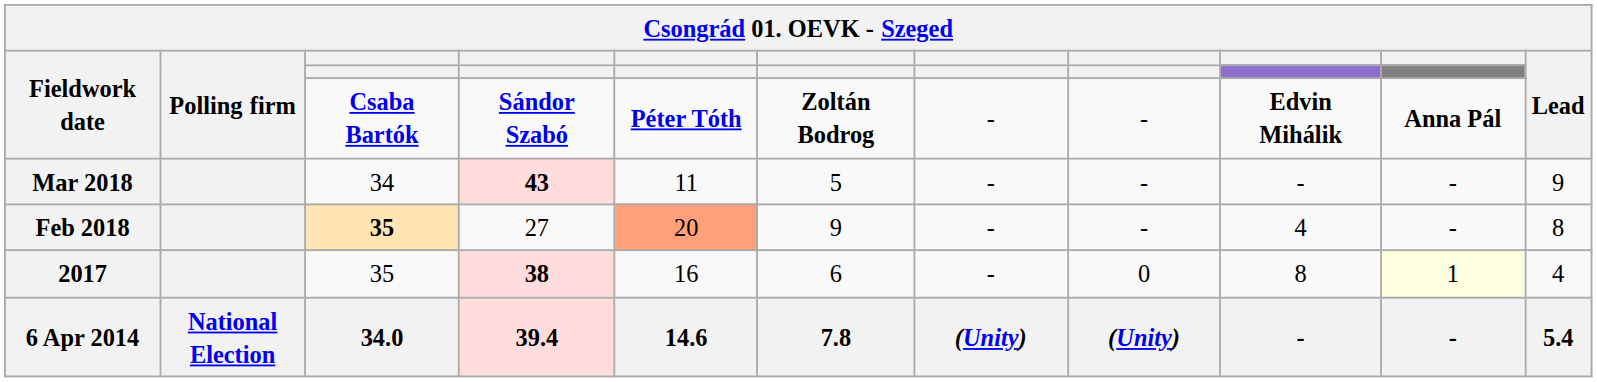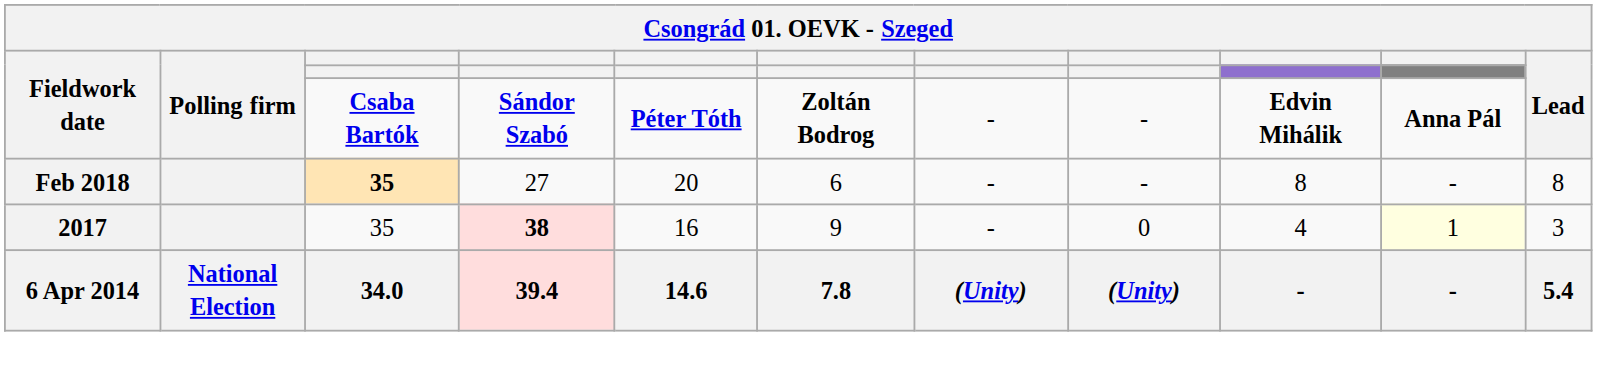 <table class="wikitable mw-collapsible mw-collapsed" style="text-align:center">
 <tr>
 <th colspan="11" style="width: 980pt;"><small><a href='#'>Csongrád</a>  01. OEVK -</small> <small><a href='#'>Szeged</a></small></th>
 </tr>
 <tr>
 <th rowspan="3" style="width: 80pt;"><small>Fieldwork</small> <small>date</small></th>
 <th rowspan="3" style="width: 80pt;"><strong><small>Polling</small> <small>firm</small></strong></th>
 <th style="width: 100pt;"><small></small></th>
 <th style="width: 100pt;"><small> </small></th>
 <th style="width: 100pt;"></th>
 <th style="width: 100pt;"></th>
 <th style="width: 100pt;"></th>
 <th style="width: 100pt;"></th>
 <th style="width: 100pt;"></th>
 <th style="width: 100pt;"></th>
 <th rowspan="3" style="width: 20pt;"><small>Lead</small></th>
 </tr>
 <tr>
 <th style="color:inherit;background:"></th>
 <th style="color:inherit;background:"></th>
 <th style="color:inherit;background:"></th>
 <th style="color:inherit;background:"></th>
 <th style="color:inherit;background:"></th>
 <th style="color:inherit;background:"></th>
 <th style="color:inherit;background:#8E6FCE;"></th>
 <th style="color:inherit;background:#808080;"></th>
 </tr>
 <tr>
 <td><small><a href='#'><strong>Csaba Bartók</strong></a></small></td>
 <td><small><a href='#'><strong>Sándor Szabó</strong></a></small></td>
 <td><small><a href='#'><strong>Péter Tóth</strong></a></small></td>
 <td><small><strong>Zoltán Bodrog</strong></small></td>
 <td><small>-</small></td>
 <td><small>-</small></td>
 <td><small><strong>Edvin Mihálik</strong></small></td>
 <td><small><strong>Anna Pál</strong></small></td>
 </tr>
 <tr>
-<th><small>Mar 2018</small></th>
-<th><small></small></th>
-<td><small>34</small></td>
-<td style="background:#FFDDDD"><small><strong>43</strong></small></td>
-<td><small>11</small></td>
-<td><small>5</small></td>
-<td><small>-</small></td>
-<td><small>-</small></td>
-<td><small>-</small></td>
-<td><small>-</small></td>
-<td style="background:"><small>9</small></td>
-</tr>
-<tr>
 <th><small>Feb 2018</small></th>
 <th> </th>
 <td style="background:#FFE5B4"><small><strong>35</strong></small></td>
 <td><small>27</small></td>
-<td style="background: lightsalmon;"><small>20</small></td>
-<td><small>9</small></td>
+<td><small>20</small></td>
+<td><small>6</small></td>
 <td><small>-</small></td>
 <td><small>-</small></td>
-<td><small>4</small></td>
+<td><small>8</small></td>
 <td><small>-</small></td>
 <td style="background:"><small>8</small></td>
 </tr>
 <tr>
 <th><small>2017</small></th>
 <th><small></small></th>
 <td><small>35</small></td>
 <td style="background:#FFDDDD"><small><strong>38</strong></small></td>
 <td><small>16</small></td>
-<td><small>6</small></td>
+<td><small>9</small></td>
 <td><small>-</small></td>
 <td><small>0</small></td>
-<td><small>8</small></td>
+<td><small>4</small></td>
 <td style="background: lightyellow;"><small>1</small></td>
-<td style="background:"><small>4</small></td>
+<td style="background:"><small>3</small></td>
 </tr>
 <tr>
 <th><small>6 Apr 2014</small></th>
 <th><a href='#'><small>National Election</small></a></th>
 <th><small>34.0</small></th>
 <th style="background:#FFDDDD"><small>39.4</small></th>
 <th><small>14.6</small></th>
 <th><small>7.8</small></th>
 <th><small><em>(<a href='#'>Unity</a>)</em></small></th>
 <th><small><em>(<a href='#'>Unity</a>)</em></small></th>
 <th><small>-</small></th>
 <th><small>-</small></th>
 <th style="background:"><small>5.4</small></th>
 </tr>
 </table>
